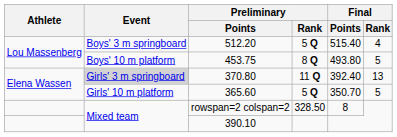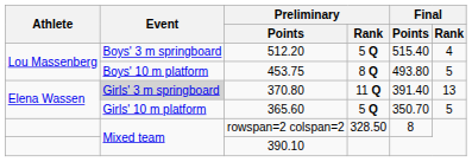 <table class="wikitable" style="font-size:90%;">
 <tr>
 <th rowspan=2>Athlete</th>
 <th rowspan=2>Event</th>
 <th colspan=2>Preliminary</th>
 <th colspan=2>Final</th>
 </tr>
 <tr>
 <th>Points</th>
 <th>Rank</th>
 <th>Points</th>
 <th>Rank</th>
 </tr>
 <tr align=center>
 <td align=left rowspan=2><a href='#'>Lou Massenberg</a></td>
 <td align=left><a href='#'>Boys' 3 m springboard</a></td>
 <td>512.20</td>
 <td>5 <strong>Q</strong></td>
 <td>515.40</td>
 <td>4</td>
 </tr>
 <tr align=center>
 <td align=left><a href='#'>Boys' 10 m platform</a></td>
 <td>453.75</td>
 <td>8 <strong>Q</strong></td>
 <td>493.80</td>
 <td>5</td>
 </tr>
 <tr align=center>
 <td align=left rowspan=2><a href='#'>Elena Wassen</a></td>
 <td align=left style="background: lightgrey;"><a href='#'>Girls' 3 m springboard</a></td>
 <td>370.80</td>
 <td>11 <strong>Q</strong></td>
-<td>392.40</td>
+<td>391.40</td>
 <td>13</td>
 </tr>
 <tr align=center>
 <td align=left><a href='#'>Girls' 10 m platform</a></td>
 <td>365.60</td>
 <td>5 <strong>Q</strong></td>
 <td>350.70</td>
 <td>5</td>
 </tr>
 <tr align=center>
 <td align=left><br></td>
 <td rowspan=2 align=left><a href='#'>Mixed team</a></td>
 <td>rowspan=2 colspan=2 </td>
 <td>328.50</td>
 <td>8</td>
 </tr>
 <tr align=center>
 <td align=left><br></td>
 <td>390.10</td>
 <td></td>
 </tr>
 </table>
